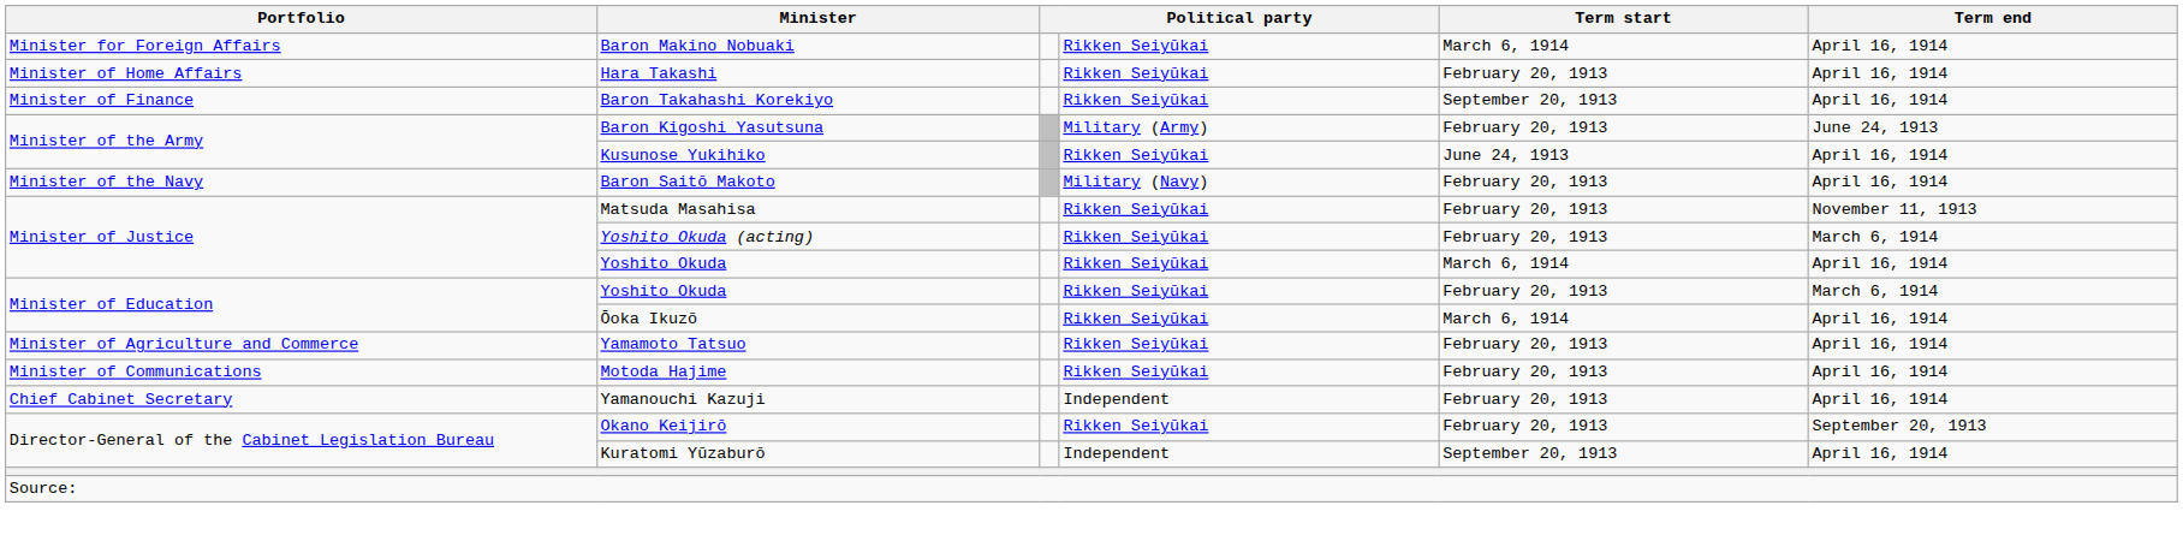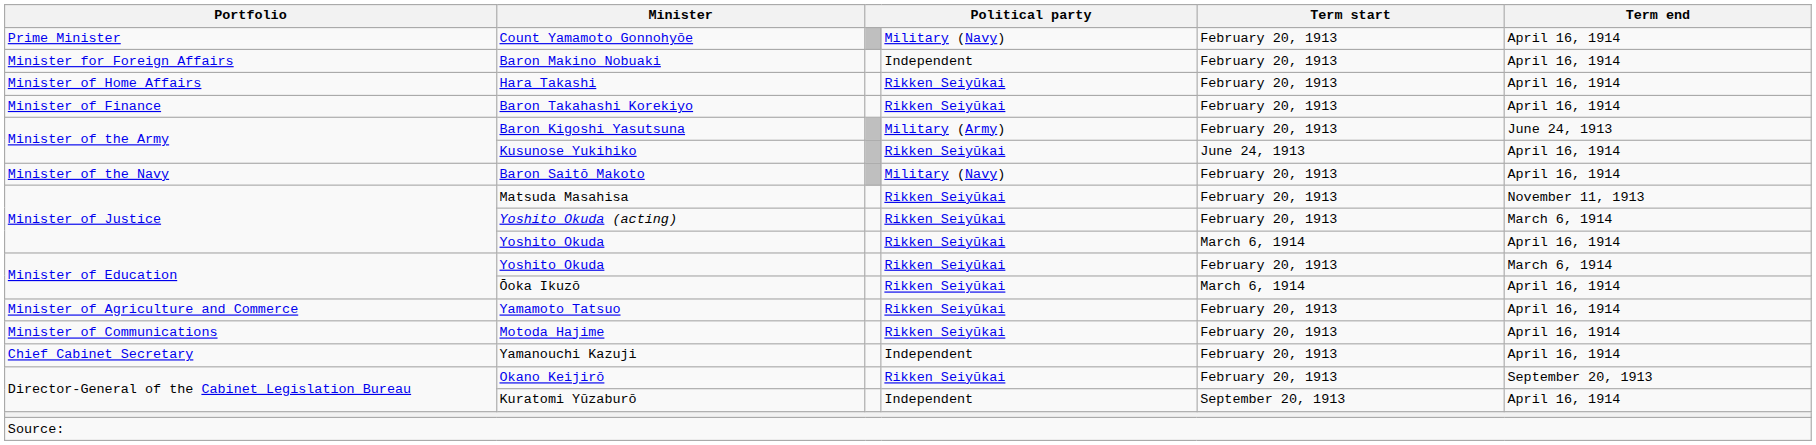 <table class="wikitable" style="font-size: 90%;">
 <tr>
 <th scope="col" width="20%">Portfolio</th>
 <th scope="col" width="15%">Minister</th>
 <th colspan="2" scope="col" width="13.5%">Political party</th>
 <th scope="col" width="12.5%">Term start</th>
 <th scope="col" width="12.5%">Term end</th>
 </tr>
 <tr>
+<td style="text-align: left;"><a href='#'>Prime Minister</a></td>
+<td><a href='#'>Count Yamamoto Gonnohyōe</a></td>
+<td style="color:inherit;background:#bfbfbf"></td>
+<td><a href='#'>Military</a> (<a href='#'>Navy</a>)</td>
+<td>February 20, 1913</td>
+<td>April 16, 1914</td>
+</tr>
+<tr>
 <td><a href='#'>Minister for Foreign Affairs</a></td>
 <td><a href='#'>Baron Makino Nobuaki</a></td>
 <td style="color:inherit;background:"></td>
-<td><a href='#'>Rikken Seiyūkai</a></td>
-<td>March 6, 1914</td>
+<td>Independent</td>
+<td>February 20, 1913</td>
 <td>April 16, 1914</td>
 </tr>
 <tr>
 <td><a href='#'>Minister of Home Affairs</a></td>
 <td><a href='#'>Hara Takashi</a></td>
 <td style="color:inherit;background:"></td>
 <td><a href='#'>Rikken Seiyūkai</a></td>
 <td>February 20, 1913</td>
 <td>April 16, 1914</td>
 </tr>
 <tr>
 <td><a href='#'>Minister of Finance</a></td>
 <td><a href='#'>Baron Takahashi Korekiyo</a></td>
 <td style="color:inherit;background:"></td>
 <td><a href='#'>Rikken Seiyūkai</a></td>
-<td>September 20, 1913</td>
+<td>February 20, 1913</td>
 <td>April 16, 1914</td>
 </tr>
 <tr>
 <td rowspan="2"><a href='#'>Minister of the Army</a></td>
 <td><a href='#'>Baron Kigoshi Yasutsuna</a></td>
 <td style="color:inherit;background:#bfbfbf"></td>
 <td><a href='#'>Military</a> (<a href='#'>Army</a>)</td>
 <td>February 20, 1913</td>
 <td>June 24, 1913</td>
 </tr>
 <tr>
 <td><a href='#'>Kusunose Yukihiko</a></td>
 <td style="color:inherit;background:#bfbfbf"></td>
 <td><a href='#'>Rikken Seiyūkai</a></td>
 <td>June 24, 1913</td>
 <td>April 16, 1914</td>
 </tr>
 <tr>
 <td><a href='#'>Minister of the Navy</a></td>
 <td><a href='#'>Baron Saitō Makoto</a></td>
 <td style="color:inherit;background:#bfbfbf"></td>
 <td><a href='#'>Military</a> (<a href='#'>Navy</a>)</td>
 <td>February 20, 1913</td>
 <td>April 16, 1914</td>
 </tr>
 <tr>
 <td rowspan="3"><a href='#'>Minister of Justice</a></td>
 <td>Matsuda Masahisa</td>
 <td style="color:inherit;background:"></td>
 <td><a href='#'>Rikken Seiyūkai</a></td>
 <td>February 20, 1913</td>
 <td>November 11, 1913</td>
 </tr>
 <tr>
 <td><em><a href='#'>Yoshito Okuda</a> (acting)</em></td>
 <td style="color:inherit;background:"></td>
 <td><a href='#'>Rikken Seiyūkai</a></td>
 <td>February 20, 1913</td>
 <td>March 6, 1914</td>
 </tr>
 <tr>
 <td><a href='#'>Yoshito Okuda</a></td>
 <td style="color:inherit;background:"></td>
 <td><a href='#'>Rikken Seiyūkai</a></td>
 <td>March 6, 1914</td>
 <td>April 16, 1914</td>
 </tr>
 <tr>
 <td rowspan="2"><a href='#'>Minister of Education</a></td>
 <td><a href='#'>Yoshito Okuda</a></td>
 <td style="color:inherit;background:"></td>
 <td><a href='#'>Rikken Seiyūkai</a></td>
 <td>February 20, 1913</td>
 <td>March 6, 1914</td>
 </tr>
 <tr>
 <td>Ōoka Ikuzō</td>
 <td style="color:inherit;background:"></td>
 <td><a href='#'>Rikken Seiyūkai</a></td>
 <td>March 6, 1914</td>
 <td>April 16, 1914</td>
 </tr>
 <tr>
 <td><a href='#'>Minister of Agriculture and Commerce</a></td>
 <td><a href='#'>Yamamoto Tatsuo</a></td>
 <td style="color:inherit;background:"></td>
 <td><a href='#'>Rikken Seiyūkai</a></td>
 <td>February 20, 1913</td>
 <td>April 16, 1914</td>
 </tr>
 <tr>
 <td><a href='#'>Minister of Communications</a></td>
 <td><a href='#'>Motoda Hajime</a></td>
 <td style="color:inherit;background:"></td>
 <td><a href='#'>Rikken Seiyūkai</a></td>
 <td>February 20, 1913</td>
 <td>April 16, 1914</td>
 </tr>
 <tr>
 <td><a href='#'>Chief Cabinet Secretary</a></td>
 <td>Yamanouchi Kazuji</td>
 <td style="color:inherit;background:"></td>
 <td>Independent</td>
 <td>February 20, 1913</td>
 <td>April 16, 1914</td>
 </tr>
 <tr>
 <td rowspan="2">Director-General of the <a href='#'>Cabinet Legislation Bureau</a></td>
 <td><a href='#'>Okano Keijirō</a></td>
 <td style="color:inherit;background:"></td>
 <td><a href='#'>Rikken Seiyūkai</a></td>
 <td>February 20, 1913</td>
 <td>September 20, 1913</td>
 </tr>
 <tr>
 <td>Kuratomi Yūzaburō</td>
 <td style="color:inherit;background:"></td>
 <td>Independent</td>
 <td>September 20, 1913</td>
 <td>April 16, 1914</td>
 </tr>
 <tr>
 <th colspan="6"></th>
 </tr>
 <tr>
 <td colspan="6">Source:</td>
 </tr>
 </table>
